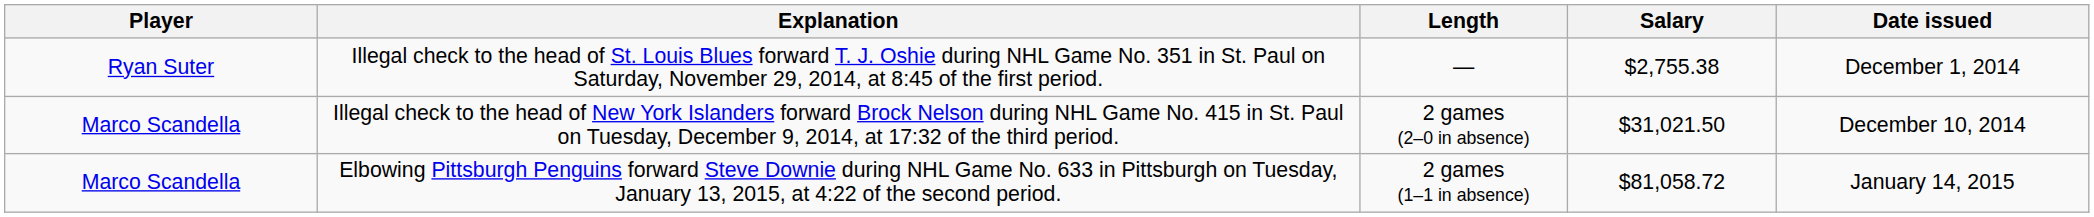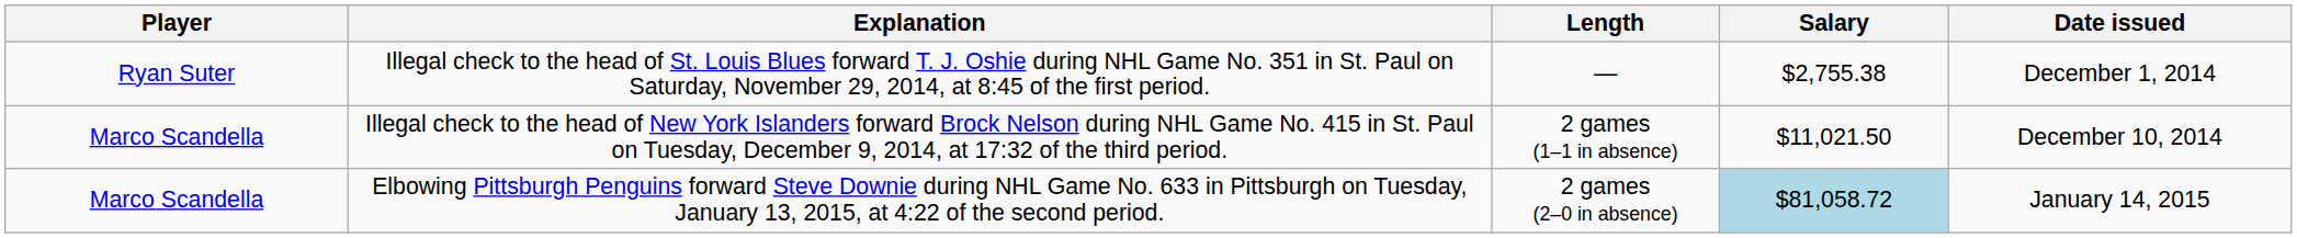 <table class="wikitable" style="text-align:center;">
 <tr>
 <th style="width:15%;">Player</th>
 <th style="width:50%;">Explanation</th>
 <th style="width:10%;">Length</th>
 <th style="width:10%;">Salary</th>
 <th style="width:15%;">Date issued</th>
 </tr>
 <tr>
 <td><a href='#'>Ryan Suter</a></td>
 <td>Illegal check to the head of <a href='#'>St. Louis Blues</a> forward <a href='#'>T. J. Oshie</a> during NHL Game No. 351 in St. Paul on Saturday, November 29, 2014, at 8:45 of the first period.</td>
 <td>—</td>
 <td>$2,755.38</td>
 <td>December 1, 2014</td>
 </tr>
 <tr>
 <td><a href='#'>Marco Scandella</a></td>
 <td>Illegal check to the head of <a href='#'>New York Islanders</a> forward <a href='#'>Brock Nelson</a> during NHL Game No. 415 in St. Paul on Tuesday, December 9, 2014, at 17:32 of the third period.</td>
-<td>2 games<br><small>(2–0 in absence)</small></td>
-<td>$31,021.50</td>
+<td>2 games<br><small>(1–1 in absence)</small></td>
+<td>$11,021.50</td>
 <td>December 10, 2014</td>
 </tr>
 <tr>
 <td><a href='#'>Marco Scandella</a></td>
 <td>Elbowing <a href='#'>Pittsburgh Penguins</a> forward <a href='#'>Steve Downie</a> during NHL Game No. 633 in Pittsburgh on Tuesday, January 13, 2015, at 4:22 of the second period.</td>
-<td>2 games<br><small>(1–1 in absence)</small></td>
-<td>$81,058.72</td>
+<td>2 games<br><small>(2–0 in absence)</small></td>
+<td style="background: lightblue;">$81,058.72</td>
 <td>January 14, 2015</td>
 </tr>
 </table>
